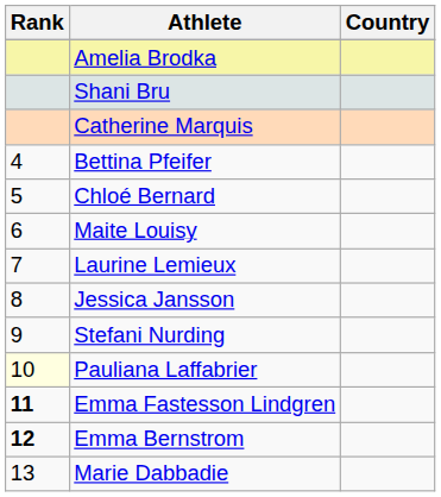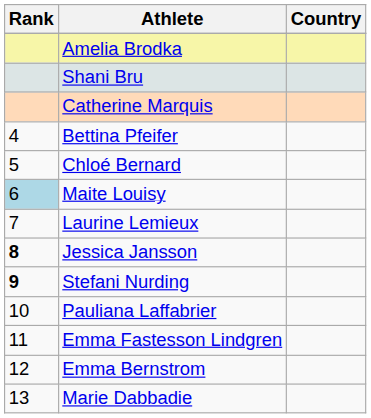 <table class="wikitable">
 <tr>
 <th>Rank</th>
 <th>Athlete</th>
 <th>Country</th>
 </tr>
 <tr>
 </tr>
 <tr bgcolor="#F7F6A8">
 <td></td>
 <td><a href='#'>Amelia Brodka</a></td>
 <td></td>
 </tr>
 <tr bgcolor="#DCE5E5">
 <td></td>
 <td><a href='#'>Shani Bru</a></td>
 <td></td>
 </tr>
 <tr bgcolor="#FFDAB9">
 <td></td>
 <td><a href='#'>Catherine Marquis</a></td>
 <td></td>
 </tr>
 <tr>
 <td>4</td>
 <td><a href='#'>Bettina Pfeifer</a></td>
 <td></td>
 </tr>
 <tr>
 <td>5</td>
 <td><a href='#'>Chloé Bernard</a></td>
 <td></td>
 </tr>
 <tr>
-<td>6</td>
+<td style="background: lightblue;">6</td>
 <td><a href='#'>Maite Louisy</a></td>
 <td></td>
 </tr>
 <tr>
 <td>7</td>
 <td><a href='#'>Laurine Lemieux</a></td>
 <td></td>
 </tr>
 <tr>
-<td>8</td>
+<td><strong>8</strong></td>
 <td><a href='#'>Jessica Jansson</a></td>
 <td></td>
 </tr>
 <tr>
-<td>9</td>
+<td><strong>9</strong></td>
 <td><a href='#'>Stefani Nurding</a></td>
 <td></td>
 </tr>
 <tr>
-<td style="background: lightyellow;">10</td>
+<td>10</td>
 <td><a href='#'>Pauliana Laffabrier</a></td>
 <td></td>
 </tr>
 <tr>
-<td><strong>11</strong></td>
+<td>11</td>
 <td><a href='#'>Emma Fastesson Lindgren</a></td>
 <td></td>
 </tr>
 <tr>
-<td><strong>12</strong></td>
+<td>12</td>
 <td><a href='#'>Emma Bernstrom</a></td>
 <td></td>
 </tr>
 <tr>
 <td>13</td>
 <td><a href='#'>Marie Dabbadie</a></td>
 <td></td>
 </tr>
 </table>
